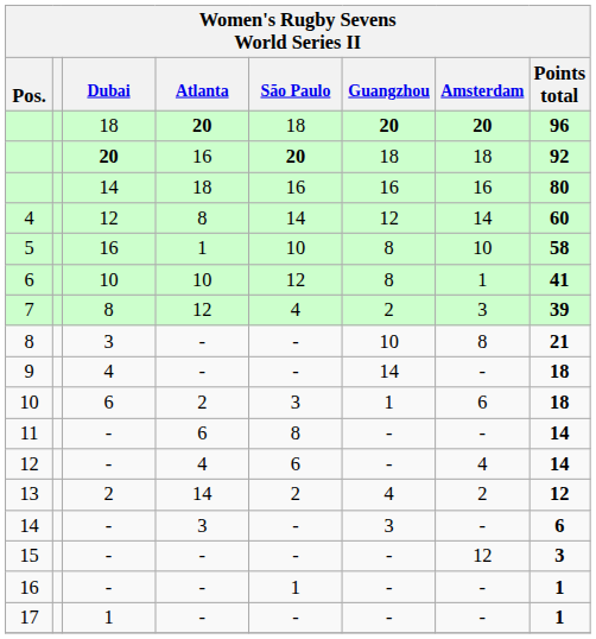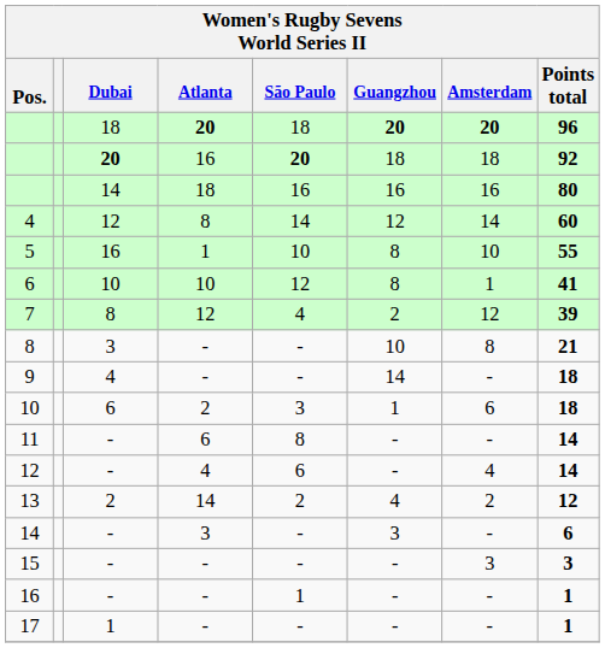 <table class="wikitable" style="text-align:center">
 <tr bgcolor="#efefef">
 <th colspan=13 style="border-right:0px;";>Women's Rugby Sevens<br>World Series II</th>
 </tr>
 <tr bgcolor="#efefef">
 <th style="width:2em;"><br>Pos.</th>
 <th></th>
 <th style="width:5.2em; vertical-align:top; font-size:85%;"><br><a href='#'>Dubai</a></th>
 <th style="width:5.2em; vertical-align:top; font-size:85%;"><br><a href='#'>Atlanta</a></th>
 <th style="width:5.2em; vertical-align:top; font-size:85%;"><br><a href='#'>São Paulo</a></th>
 <th style="width:5.2em; vertical-align:top; font-size:85%;"><br><a href='#'>Guangzhou</a></th>
 <th style="width:5.2em; vertical-align:top; font-size:85%;"><br><a href='#'>Amsterdam</a></th>
 <th>Points<br>total</th>
 </tr>
 <tr bgcolor=ccffcc>
 <td></td>
 <td align=left></td>
 <td>18</td>
 <td><strong>20</strong></td>
 <td>18</td>
 <td><strong>20</strong></td>
 <td><strong>20</strong></td>
 <td><strong>96</strong></td>
 </tr>
 <tr bgcolor=ccffcc>
 <td></td>
 <td align=left></td>
 <td><strong>20</strong></td>
 <td>16</td>
 <td><strong>20</strong></td>
 <td>18</td>
 <td>18</td>
 <td><strong>92</strong></td>
 </tr>
 <tr bgcolor=ccffcc>
 <td></td>
 <td align=left></td>
 <td>14</td>
 <td>18</td>
 <td>16</td>
 <td>16</td>
 <td>16</td>
 <td><strong>80</strong></td>
 </tr>
 <tr bgcolor=ccffcc>
 <td>4</td>
 <td align=left></td>
 <td>12</td>
 <td>8</td>
 <td>14</td>
 <td>12</td>
 <td>14</td>
 <td><strong>60</strong></td>
 </tr>
 <tr bgcolor=ccffcc>
 <td>5</td>
 <td align=left></td>
 <td>16</td>
 <td>1</td>
 <td>10</td>
 <td>8</td>
 <td>10</td>
-<td><strong>58</strong></td>
+<td><strong>55</strong></td>
 </tr>
 <tr bgcolor=ccffcc>
 <td>6</td>
 <td align=left></td>
 <td>10</td>
 <td>10</td>
 <td>12</td>
 <td>8</td>
 <td>1</td>
 <td><strong>41</strong></td>
 </tr>
 <tr bgcolor=ccffcc>
 <td>7</td>
 <td align=left></td>
 <td>8</td>
 <td>12</td>
 <td>4</td>
 <td>2</td>
-<td>3</td>
+<td>12</td>
 <td><strong>39</strong></td>
 </tr>
 <tr>
 <td>8</td>
 <td align=left></td>
 <td>3</td>
 <td>-</td>
 <td>-</td>
 <td>10</td>
 <td>8</td>
 <td><strong>21</strong></td>
 </tr>
 <tr>
 <td>9</td>
 <td align=left></td>
 <td>4</td>
 <td>-</td>
 <td>-</td>
 <td>14</td>
 <td>-</td>
 <td><strong>18</strong></td>
 </tr>
 <tr>
 <td>10</td>
 <td align=left></td>
 <td>6</td>
 <td>2</td>
 <td>3</td>
 <td>1</td>
 <td>6</td>
 <td><strong>18</strong></td>
 </tr>
 <tr>
 <td>11</td>
 <td align=left></td>
 <td>-</td>
 <td>6</td>
 <td>8</td>
 <td>-</td>
 <td>-</td>
 <td><strong>14</strong></td>
 </tr>
 <tr>
 <td>12</td>
 <td align=left></td>
 <td>-</td>
 <td>4</td>
 <td>6</td>
 <td>-</td>
 <td>4</td>
 <td><strong>14</strong></td>
 </tr>
 <tr>
 <td>13</td>
 <td align=left></td>
 <td>2</td>
 <td>14</td>
 <td>2</td>
 <td>4</td>
 <td>2</td>
 <td><strong>12</strong></td>
 </tr>
 <tr>
 <td>14</td>
 <td align=left></td>
 <td>-</td>
 <td>3</td>
 <td>-</td>
 <td>3</td>
 <td>-</td>
 <td><strong>6</strong></td>
 </tr>
 <tr>
 <td>15</td>
 <td align=left></td>
 <td>-</td>
 <td>-</td>
 <td>-</td>
 <td>-</td>
-<td>12</td>
+<td>3</td>
 <td><strong>3</strong></td>
 </tr>
 <tr>
 <td>16</td>
 <td align=left></td>
 <td>-</td>
 <td>-</td>
 <td>1</td>
 <td>-</td>
 <td>-</td>
 <td><strong>1</strong></td>
 </tr>
 <tr>
 <td>17</td>
 <td align=left></td>
 <td>1</td>
 <td>-</td>
 <td>-</td>
 <td>-</td>
 <td>-</td>
 <td><strong>1</strong></td>
 </tr>
 <tr>
 </tr>
 </table>
